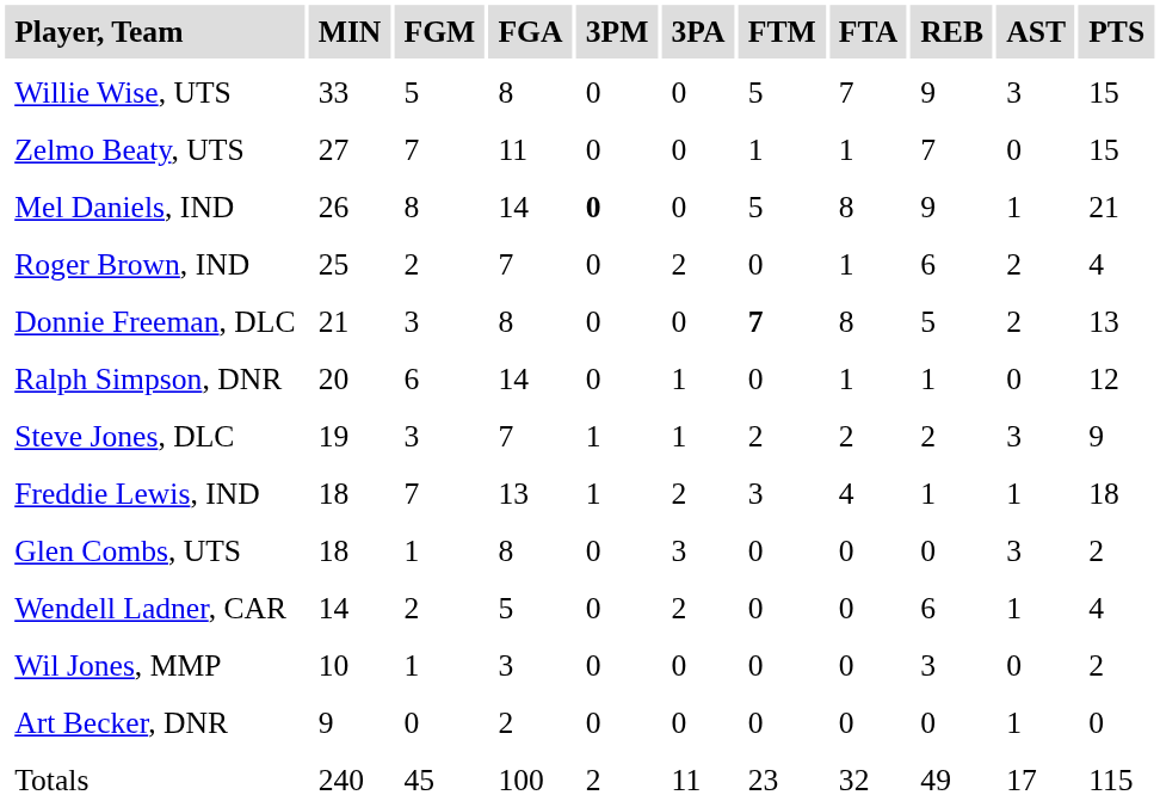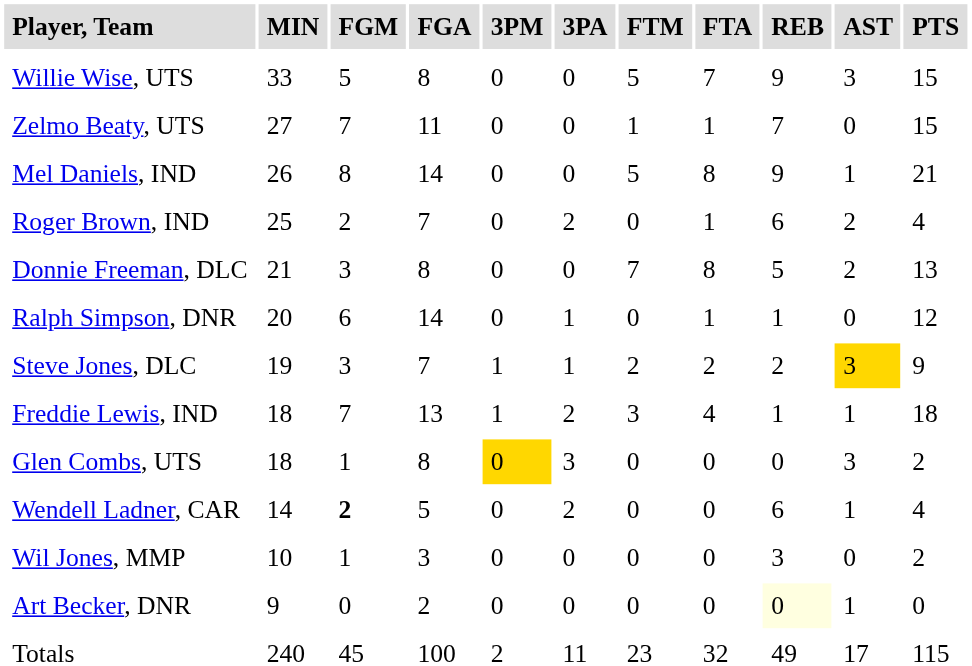 <table cellpadding=5>
 <tr bgcolor="#dddddd">
 <td><strong>Player, Team</strong></td>
 <td><strong>MIN</strong></td>
 <td><strong>FGM</strong></td>
 <td><strong>FGA</strong></td>
 <td><strong>3PM</strong></td>
 <td><strong>3PA</strong></td>
 <td><strong>FTM</strong></td>
 <td><strong>FTA</strong></td>
 <td><strong>REB</strong></td>
 <td><strong>AST</strong></td>
 <td><strong>PTS</strong></td>
 </tr>
 <tr bgcolor="#eeeeee">
 </tr>
 <tr>
 <td><a href='#'>Willie Wise</a>, UTS</td>
 <td>33</td>
 <td>5</td>
 <td>8</td>
 <td>0</td>
 <td>0</td>
 <td>5</td>
 <td>7</td>
 <td>9</td>
 <td>3</td>
 <td>15</td>
 </tr>
 <tr>
 <td><a href='#'>Zelmo Beaty</a>, UTS</td>
 <td>27</td>
 <td>7</td>
 <td>11</td>
 <td>0</td>
 <td>0</td>
 <td>1</td>
 <td>1</td>
 <td>7</td>
 <td>0</td>
 <td>15</td>
 </tr>
 <tr>
 <td><a href='#'>Mel Daniels</a>, IND</td>
 <td>26</td>
 <td>8</td>
 <td>14</td>
-<td><strong>0</strong></td>
+<td>0</td>
 <td>0</td>
 <td>5</td>
 <td>8</td>
 <td>9</td>
 <td>1</td>
 <td>21</td>
 </tr>
 <tr>
 <td><a href='#'>Roger Brown</a>, IND</td>
 <td>25</td>
 <td>2</td>
 <td>7</td>
 <td>0</td>
 <td>2</td>
 <td>0</td>
 <td>1</td>
 <td>6</td>
 <td>2</td>
 <td>4</td>
 </tr>
 <tr>
 <td><a href='#'>Donnie Freeman</a>, DLC</td>
 <td>21</td>
 <td>3</td>
 <td>8</td>
 <td>0</td>
 <td>0</td>
-<td><strong>7</strong></td>
+<td>7</td>
 <td>8</td>
 <td>5</td>
 <td>2</td>
 <td>13</td>
 </tr>
 <tr>
 <td><a href='#'>Ralph Simpson</a>, DNR</td>
 <td>20</td>
 <td>6</td>
 <td>14</td>
 <td>0</td>
 <td>1</td>
 <td>0</td>
 <td>1</td>
 <td>1</td>
 <td>0</td>
 <td>12</td>
 </tr>
 <tr>
 <td><a href='#'>Steve Jones</a>, DLC</td>
 <td>19</td>
 <td>3</td>
 <td>7</td>
 <td>1</td>
 <td>1</td>
 <td>2</td>
 <td>2</td>
 <td>2</td>
-<td>3</td>
+<td style="background: gold;">3</td>
 <td>9</td>
 </tr>
 <tr>
 <td><a href='#'>Freddie Lewis</a>, IND</td>
 <td>18</td>
 <td>7</td>
 <td>13</td>
 <td>1</td>
 <td>2</td>
 <td>3</td>
 <td>4</td>
 <td>1</td>
 <td>1</td>
 <td>18</td>
 </tr>
 <tr>
 <td><a href='#'>Glen Combs</a>, UTS</td>
 <td>18</td>
 <td>1</td>
 <td>8</td>
-<td>0</td>
+<td style="background: gold;">0</td>
 <td>3</td>
 <td>0</td>
 <td>0</td>
 <td>0</td>
 <td>3</td>
 <td>2</td>
 </tr>
 <tr>
 <td><a href='#'>Wendell Ladner</a>, CAR</td>
 <td>14</td>
-<td>2</td>
+<td><strong>2</strong></td>
 <td>5</td>
 <td>0</td>
 <td>2</td>
 <td>0</td>
 <td>0</td>
 <td>6</td>
 <td>1</td>
 <td>4</td>
 </tr>
 <tr>
 <td><a href='#'>Wil Jones</a>, MMP</td>
 <td>10</td>
 <td>1</td>
 <td>3</td>
 <td>0</td>
 <td>0</td>
 <td>0</td>
 <td>0</td>
 <td>3</td>
 <td>0</td>
 <td>2</td>
 </tr>
 <tr>
 <td><a href='#'>Art Becker</a>, DNR</td>
 <td>9</td>
 <td>0</td>
 <td>2</td>
 <td>0</td>
 <td>0</td>
 <td>0</td>
 <td>0</td>
-<td>0</td>
+<td style="background: lightyellow;">0</td>
 <td>1</td>
 <td>0</td>
 </tr>
 <tr>
 <td>Totals</td>
 <td>240</td>
 <td>45</td>
 <td>100</td>
 <td>2</td>
 <td>11</td>
 <td>23</td>
 <td>32</td>
 <td>49</td>
 <td>17</td>
 <td>115</td>
 </tr>
 <tr>
 </tr>
 </table>
